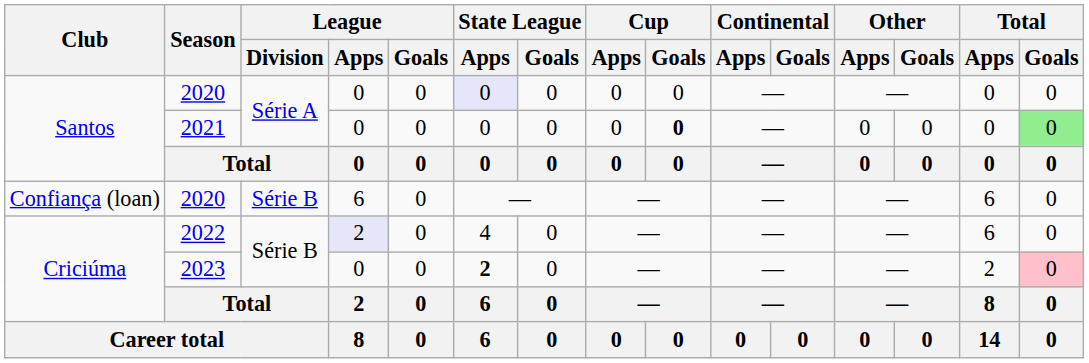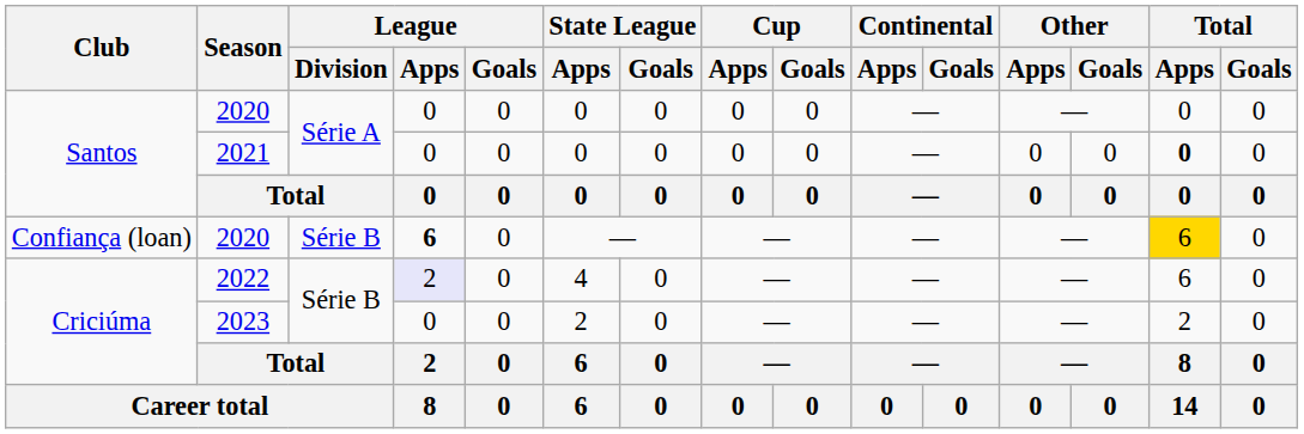 <table class="wikitable" style="text-align: center;">
 <tr>
 <th rowspan="2">Club</th>
 <th rowspan="2">Season</th>
 <th colspan="3">League</th>
 <th colspan="2">State League</th>
 <th colspan="2">Cup</th>
 <th colspan="2">Continental</th>
 <th colspan="2">Other</th>
 <th colspan="2">Total</th>
 </tr>
 <tr>
 <th>Division</th>
 <th>Apps</th>
 <th>Goals</th>
 <th>Apps</th>
 <th>Goals</th>
 <th>Apps</th>
 <th>Goals</th>
 <th>Apps</th>
 <th>Goals</th>
 <th>Apps</th>
 <th>Goals</th>
 <th>Apps</th>
 <th>Goals</th>
 </tr>
 <tr>
 <td rowspan="3" valign="center"><a href='#'>Santos</a></td>
 <td><a href='#'>2020</a></td>
 <td rowspan="2"><a href='#'>Série A</a></td>
 <td>0</td>
 <td>0</td>
-<td style="background: lavender;">0</td>
+<td>0</td>
 <td>0</td>
 <td>0</td>
 <td>0</td>
 <td colspan="2">—</td>
 <td colspan="2">—</td>
 <td>0</td>
 <td>0</td>
 </tr>
 <tr>
 <td><a href='#'>2021</a></td>
 <td>0</td>
 <td>0</td>
 <td>0</td>
 <td>0</td>
 <td>0</td>
-<td><strong>0</strong></td>
+<td>0</td>
 <td colspan="2">—</td>
 <td>0</td>
 <td>0</td>
+<td><strong>0</strong></td>
 <td>0</td>
-<td style="background: lightgreen;">0</td>
 </tr>
 <tr>
 <th colspan="2">Total</th>
 <th>0</th>
 <th>0</th>
 <th>0</th>
 <th>0</th>
 <th>0</th>
 <th>0</th>
 <th colspan="2">—</th>
 <th>0</th>
 <th>0</th>
 <th>0</th>
 <th>0</th>
 </tr>
 <tr>
 <td valign="center"><a href='#'>Confiança</a> (loan)</td>
 <td><a href='#'>2020</a></td>
 <td><a href='#'>Série B</a></td>
-<td>6</td>
+<td><strong>6</strong></td>
 <td>0</td>
 <td colspan="2">—</td>
 <td colspan="2">—</td>
 <td colspan="2">—</td>
 <td colspan="2">—</td>
-<td>6</td>
+<td style="background: gold;">6</td>
 <td>0</td>
 </tr>
 <tr>
 <td rowspan="3" valign="center"><a href='#'>Criciúma</a></td>
 <td><a href='#'>2022</a></td>
 <td rowspan="2">Série B</td>
 <td style="background: lavender;">2</td>
 <td>0</td>
 <td>4</td>
 <td>0</td>
 <td colspan="2">—</td>
 <td colspan="2">—</td>
 <td colspan="2">—</td>
 <td>6</td>
 <td>0</td>
 </tr>
 <tr>
 <td><a href='#'>2023</a></td>
 <td>0</td>
 <td>0</td>
-<td><strong>2</strong></td>
+<td>2</td>
 <td>0</td>
 <td colspan="2">—</td>
 <td colspan="2">—</td>
 <td colspan="2">—</td>
 <td>2</td>
-<td style="background: pink;">0</td>
+<td>0</td>
 </tr>
 <tr>
 <th colspan="2">Total</th>
 <th>2</th>
 <th>0</th>
 <th>6</th>
 <th>0</th>
 <th colspan="2">—</th>
 <th colspan="2">—</th>
 <th colspan="2">—</th>
 <th>8</th>
 <th>0</th>
 </tr>
 <tr>
 <th colspan="3"><strong>Career total</strong></th>
 <th>8</th>
 <th>0</th>
 <th>6</th>
 <th>0</th>
 <th>0</th>
 <th>0</th>
 <th>0</th>
 <th>0</th>
 <th>0</th>
 <th>0</th>
 <th>14</th>
 <th>0</th>
 </tr>
 </table>
